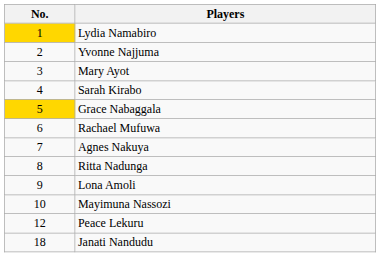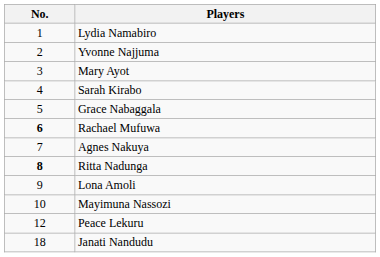 <table class="wikitable" style="text-align: center; width:25%">
 <tr>
 <th>No.</th>
 <th>Players</th>
 </tr>
 <tr>
-<td style="background: gold;">1</td>
+<td>1</td>
 <td align=left>Lydia Namabiro</td>
 </tr>
 <tr>
 <td>2</td>
 <td align=left>Yvonne Najjuma</td>
 </tr>
 <tr>
 <td>3</td>
 <td align=left>Mary Ayot</td>
 </tr>
 <tr>
 <td>4</td>
 <td align=left>Sarah Kirabo</td>
 </tr>
 <tr>
-<td style="background: gold;">5</td>
+<td>5</td>
 <td align=left>Grace Nabaggala</td>
 </tr>
 <tr>
-<td>6</td>
+<td><strong>6</strong></td>
 <td align=left>Rachael Mufuwa</td>
 </tr>
 <tr>
 <td>7</td>
 <td align=left>Agnes Nakuya</td>
 </tr>
 <tr>
-<td>8</td>
+<td><strong>8</strong></td>
 <td align=left>Ritta Nadunga</td>
 </tr>
 <tr>
 <td>9</td>
 <td align=left>Lona Amoli</td>
 </tr>
 <tr>
 <td>10</td>
 <td align=left>Mayimuna Nassozi</td>
 </tr>
 <tr>
 <td>12</td>
 <td align=left>Peace Lekuru</td>
 </tr>
 <tr>
 <td>18</td>
 <td align=left>Janati Nandudu</td>
 </tr>
 </table>
